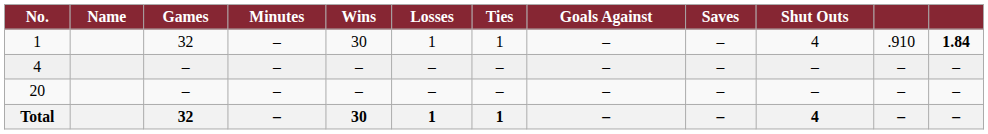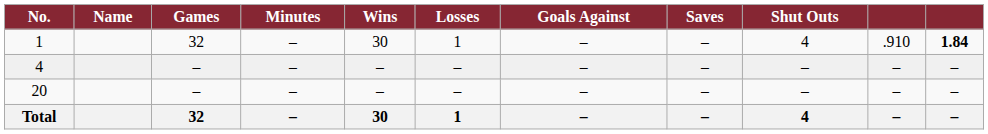 <table class="wikitable sortable" width ="1000">
 <tr align="center">
 <th style="color:white; background:#862633; ">No.</th>
 <th style="color:white; background:#862633; ">Name</th>
 <th style="color:white; background:#862633; ">Games</th>
 <th style="color:white; background:#862633; ">Minutes</th>
 <th style="color:white; background:#862633; ">Wins</th>
 <th style="color:white; background:#862633; ">Losses</th>
-<th style="color:white; background:#862633; ">Ties</th>
 <th style="color:white; background:#862633; ">Goals Against</th>
 <th style="color:white; background:#862633; ">Saves</th>
 <th style="color:white; background:#862633; ">Shut Outs</th>
 <th style="color:white; background:#862633; "><a href='#'></a></th>
 <th style="color:white; background:#862633; "><a href='#'></a></th>
 </tr>
 <tr align="center">
 <td>1</td>
 <td></td>
 <td>32</td>
 <td>–</td>
 <td>30</td>
 <td>1</td>
-<td>1</td>
 <td>–</td>
 <td>–</td>
 <td>4</td>
 <td>.910</td>
 <td><strong>1.84</strong></td>
 </tr>
 <tr align="center" bgcolor="#f0f0f0">
 <td>4</td>
 <td></td>
-<td>–</td>
 <td>–</td>
 <td>–</td>
 <td>–</td>
 <td>–</td>
 <td>–</td>
 <td>–</td>
 <td>–</td>
 <td>–</td>
 <td>–</td>
 </tr>
 <tr align="center">
 <td>20</td>
 <td></td>
 <td>–</td>
 <td>–</td>
 <td>–</td>
 <td>–</td>
 <td>–</td>
 <td>–</td>
 <td>–</td>
 <td>–</td>
 <td>–</td>
-<td>–</td>
 </tr>
 <tr>
 <th>Total</th>
 <th></th>
 <th>32</th>
 <th>–</th>
 <th>30</th>
 <th>1</th>
-<th>1</th>
 <th>–</th>
 <th>–</th>
 <th>4</th>
 <th>–</th>
 <th>–</th>
 </tr>
 </table>
